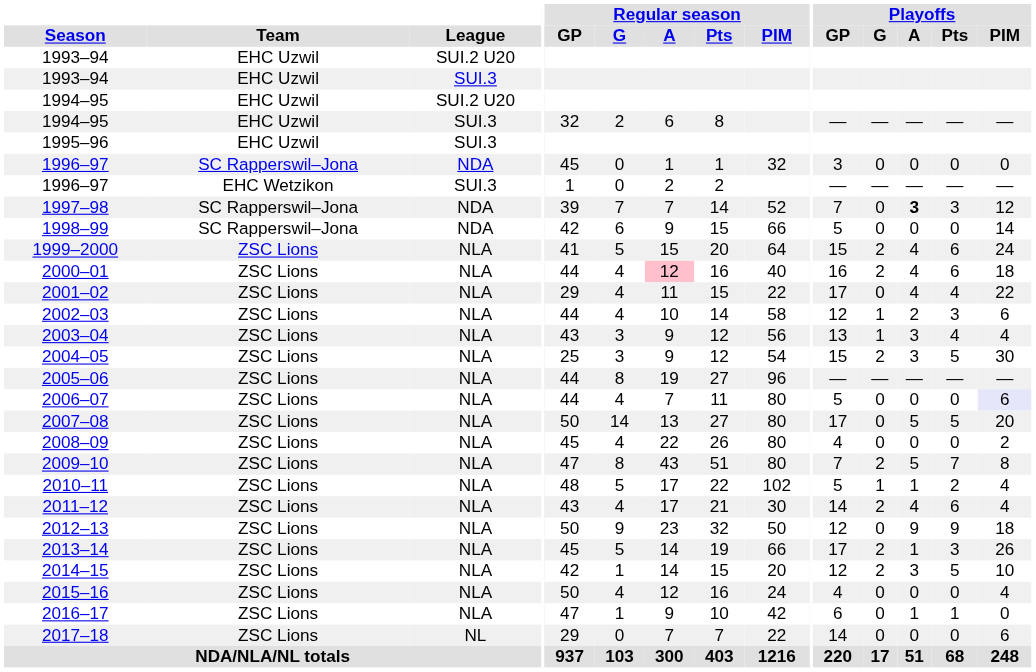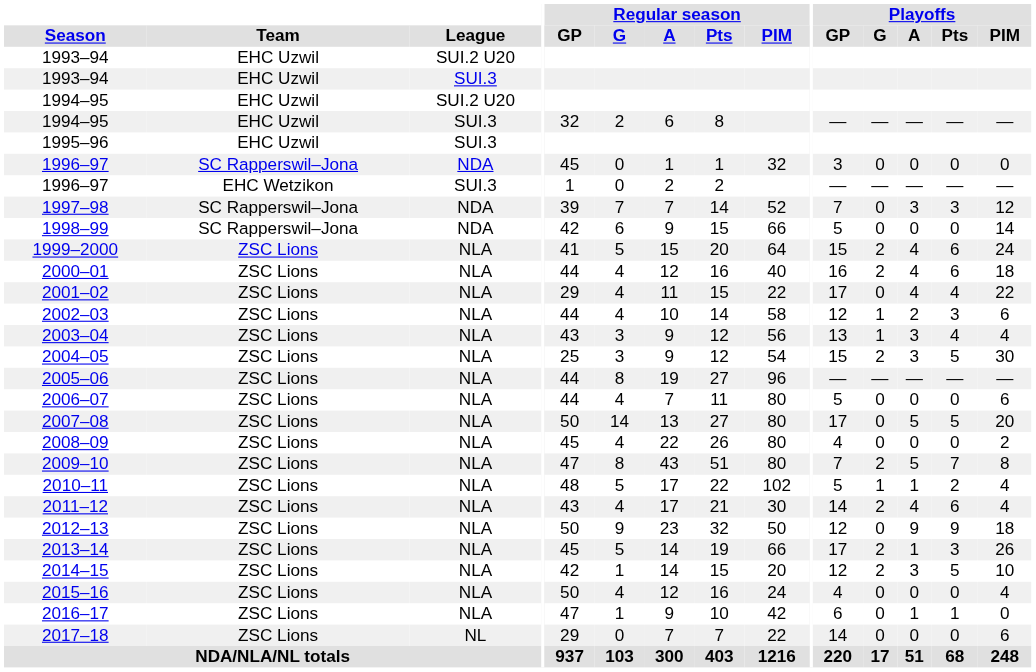 <table border="0" cellpadding="1" cellspacing="0" style="text-align:center; width:60em">
 <tr bgcolor="#e0e0e0">
 <th colspan="3" bgcolor="#ffffff"></th>
 <th rowspan="99" bgcolor="#ffffff"></th>
 <th colspan="5"><a href='#'>Regular season</a></th>
 <th rowspan="99" bgcolor="#ffffff"></th>
 <th colspan="5"><a href='#'>Playoffs</a></th>
 </tr>
 <tr bgcolor="#e0e0e0">
 <th><a href='#'>Season</a></th>
 <th>Team</th>
 <th>League</th>
 <th>GP</th>
 <th><a href='#'>G</a></th>
 <th><a href='#'>A</a></th>
 <th><a href='#'>Pts</a></th>
 <th><a href='#'>PIM</a></th>
 <th>GP</th>
 <th>G</th>
 <th>A</th>
 <th>Pts</th>
 <th>PIM</th>
 </tr>
 <tr>
 <td>1993–94</td>
 <td>EHC Uzwil</td>
 <td>SUI.2 U20</td>
 <td></td>
 <td></td>
 <td></td>
 <td></td>
 <td></td>
 <td></td>
 <td></td>
 <td></td>
 <td></td>
 <td></td>
 </tr>
 <tr bgcolor="#f0f0f0">
 <td>1993–94</td>
 <td>EHC Uzwil</td>
 <td><a href='#'>SUI.3</a></td>
 <td></td>
 <td></td>
 <td></td>
 <td></td>
 <td></td>
 <td></td>
 <td></td>
 <td></td>
 <td></td>
 <td></td>
 </tr>
 <tr>
 <td>1994–95</td>
 <td>EHC Uzwil</td>
 <td>SUI.2 U20</td>
 <td></td>
 <td></td>
 <td></td>
 <td></td>
 <td></td>
 <td></td>
 <td></td>
 <td></td>
 <td></td>
 <td></td>
 </tr>
 <tr bgcolor="#f0f0f0">
 <td>1994–95</td>
 <td>EHC Uzwil</td>
 <td>SUI.3</td>
 <td>32</td>
 <td>2</td>
 <td>6</td>
 <td>8</td>
 <td></td>
 <td>—</td>
 <td>—</td>
 <td>—</td>
 <td>—</td>
 <td>—</td>
 </tr>
 <tr>
 <td>1995–96</td>
 <td>EHC Uzwil</td>
 <td>SUI.3</td>
 <td></td>
 <td></td>
 <td></td>
 <td></td>
 <td></td>
 <td></td>
 <td></td>
 <td></td>
 <td></td>
 <td></td>
 </tr>
 <tr bgcolor="#f0f0f0">
 <td><a href='#'>1996–97</a></td>
 <td><a href='#'>SC Rapperswil–Jona</a></td>
 <td><a href='#'>NDA</a></td>
 <td>45</td>
 <td>0</td>
 <td>1</td>
 <td>1</td>
 <td>32</td>
 <td>3</td>
 <td>0</td>
 <td>0</td>
 <td>0</td>
 <td>0</td>
 </tr>
 <tr>
 <td>1996–97</td>
 <td>EHC Wetzikon</td>
 <td>SUI.3</td>
 <td>1</td>
 <td>0</td>
 <td>2</td>
 <td>2</td>
 <td></td>
 <td>—</td>
 <td>—</td>
 <td>—</td>
 <td>—</td>
 <td>—</td>
 </tr>
 <tr bgcolor="#f0f0f0">
 <td><a href='#'>1997–98</a></td>
 <td>SC Rapperswil–Jona</td>
 <td>NDA</td>
 <td>39</td>
 <td>7</td>
 <td>7</td>
 <td>14</td>
 <td>52</td>
 <td>7</td>
 <td>0</td>
-<td><strong>3</strong></td>
+<td>3</td>
 <td>3</td>
 <td>12</td>
 </tr>
 <tr>
 <td><a href='#'>1998–99</a></td>
 <td>SC Rapperswil–Jona</td>
 <td>NDA</td>
 <td>42</td>
 <td>6</td>
 <td>9</td>
 <td>15</td>
 <td>66</td>
 <td>5</td>
 <td>0</td>
 <td>0</td>
 <td>0</td>
 <td>14</td>
 </tr>
 <tr bgcolor="#f0f0f0">
 <td><a href='#'>1999–2000</a></td>
 <td><a href='#'>ZSC Lions</a></td>
 <td>NLA</td>
 <td>41</td>
 <td>5</td>
 <td>15</td>
 <td>20</td>
 <td>64</td>
 <td>15</td>
 <td>2</td>
 <td>4</td>
 <td>6</td>
 <td>24</td>
 </tr>
 <tr>
 <td><a href='#'>2000–01</a></td>
 <td>ZSC Lions</td>
 <td>NLA</td>
 <td>44</td>
 <td>4</td>
-<td style="background: pink;">12</td>
+<td>12</td>
 <td>16</td>
 <td>40</td>
 <td>16</td>
 <td>2</td>
 <td>4</td>
 <td>6</td>
 <td>18</td>
 </tr>
 <tr bgcolor="#f0f0f0">
 <td><a href='#'>2001–02</a></td>
 <td>ZSC Lions</td>
 <td>NLA</td>
 <td>29</td>
 <td>4</td>
 <td>11</td>
 <td>15</td>
 <td>22</td>
 <td>17</td>
 <td>0</td>
 <td>4</td>
 <td>4</td>
 <td>22</td>
 </tr>
 <tr>
 <td><a href='#'>2002–03</a></td>
 <td>ZSC Lions</td>
 <td>NLA</td>
 <td>44</td>
 <td>4</td>
 <td>10</td>
 <td>14</td>
 <td>58</td>
 <td>12</td>
 <td>1</td>
 <td>2</td>
 <td>3</td>
 <td>6</td>
 </tr>
 <tr bgcolor="#f0f0f0">
 <td><a href='#'>2003–04</a></td>
 <td>ZSC Lions</td>
 <td>NLA</td>
 <td>43</td>
 <td>3</td>
 <td>9</td>
 <td>12</td>
 <td>56</td>
 <td>13</td>
 <td>1</td>
 <td>3</td>
 <td>4</td>
 <td>4</td>
 </tr>
 <tr>
 <td><a href='#'>2004–05</a></td>
 <td>ZSC Lions</td>
 <td>NLA</td>
 <td>25</td>
 <td>3</td>
 <td>9</td>
 <td>12</td>
 <td>54</td>
 <td>15</td>
 <td>2</td>
 <td>3</td>
 <td>5</td>
 <td>30</td>
 </tr>
 <tr bgcolor="#f0f0f0">
 <td><a href='#'>2005–06</a></td>
 <td>ZSC Lions</td>
 <td>NLA</td>
 <td>44</td>
 <td>8</td>
 <td>19</td>
 <td>27</td>
 <td>96</td>
 <td>—</td>
 <td>—</td>
 <td>—</td>
 <td>—</td>
 <td>—</td>
 </tr>
 <tr>
 <td><a href='#'>2006–07</a></td>
 <td>ZSC Lions</td>
 <td>NLA</td>
 <td>44</td>
 <td>4</td>
 <td>7</td>
 <td>11</td>
 <td>80</td>
 <td>5</td>
 <td>0</td>
 <td>0</td>
 <td>0</td>
-<td style="background: lavender;">6</td>
+<td>6</td>
 </tr>
 <tr bgcolor="#f0f0f0">
 <td><a href='#'>2007–08</a></td>
 <td>ZSC Lions</td>
 <td>NLA</td>
 <td>50</td>
 <td>14</td>
 <td>13</td>
 <td>27</td>
 <td>80</td>
 <td>17</td>
 <td>0</td>
 <td>5</td>
 <td>5</td>
 <td>20</td>
 </tr>
 <tr>
 <td><a href='#'>2008–09</a></td>
 <td>ZSC Lions</td>
 <td>NLA</td>
 <td>45</td>
 <td>4</td>
 <td>22</td>
 <td>26</td>
 <td>80</td>
 <td>4</td>
 <td>0</td>
 <td>0</td>
 <td>0</td>
 <td>2</td>
 </tr>
 <tr bgcolor="#f0f0f0">
 <td><a href='#'>2009–10</a></td>
 <td>ZSC Lions</td>
 <td>NLA</td>
 <td>47</td>
 <td>8</td>
 <td>43</td>
 <td>51</td>
 <td>80</td>
 <td>7</td>
 <td>2</td>
 <td>5</td>
 <td>7</td>
 <td>8</td>
 </tr>
 <tr>
 <td><a href='#'>2010–11</a></td>
 <td>ZSC Lions</td>
 <td>NLA</td>
 <td>48</td>
 <td>5</td>
 <td>17</td>
 <td>22</td>
 <td>102</td>
 <td>5</td>
 <td>1</td>
 <td>1</td>
 <td>2</td>
 <td>4</td>
 </tr>
 <tr bgcolor="#f0f0f0">
 <td><a href='#'>2011–12</a></td>
 <td>ZSC Lions</td>
 <td>NLA</td>
 <td>43</td>
 <td>4</td>
 <td>17</td>
 <td>21</td>
 <td>30</td>
 <td>14</td>
 <td>2</td>
 <td>4</td>
 <td>6</td>
 <td>4</td>
 </tr>
 <tr>
 <td><a href='#'>2012–13</a></td>
 <td>ZSC Lions</td>
 <td>NLA</td>
 <td>50</td>
 <td>9</td>
 <td>23</td>
 <td>32</td>
 <td>50</td>
 <td>12</td>
 <td>0</td>
 <td>9</td>
 <td>9</td>
 <td>18</td>
 </tr>
 <tr bgcolor="#f0f0f0">
 <td><a href='#'>2013–14</a></td>
 <td>ZSC Lions</td>
 <td>NLA</td>
 <td>45</td>
 <td>5</td>
 <td>14</td>
 <td>19</td>
 <td>66</td>
 <td>17</td>
 <td>2</td>
 <td>1</td>
 <td>3</td>
 <td>26</td>
 </tr>
 <tr>
 <td><a href='#'>2014–15</a></td>
 <td>ZSC Lions</td>
 <td>NLA</td>
 <td>42</td>
 <td>1</td>
 <td>14</td>
 <td>15</td>
 <td>20</td>
 <td>12</td>
 <td>2</td>
 <td>3</td>
 <td>5</td>
 <td>10</td>
 </tr>
 <tr bgcolor="#f0f0f0">
 <td><a href='#'>2015–16</a></td>
 <td>ZSC Lions</td>
 <td>NLA</td>
 <td>50</td>
 <td>4</td>
 <td>12</td>
 <td>16</td>
 <td>24</td>
 <td>4</td>
 <td>0</td>
 <td>0</td>
 <td>0</td>
 <td>4</td>
 </tr>
 <tr>
 <td><a href='#'>2016–17</a></td>
 <td>ZSC Lions</td>
 <td>NLA</td>
 <td>47</td>
 <td>1</td>
 <td>9</td>
 <td>10</td>
 <td>42</td>
 <td>6</td>
 <td>0</td>
 <td>1</td>
 <td>1</td>
 <td>0</td>
 </tr>
 <tr bgcolor="#f0f0f0">
 <td><a href='#'>2017–18</a></td>
 <td>ZSC Lions</td>
 <td>NL</td>
 <td>29</td>
 <td>0</td>
 <td>7</td>
 <td>7</td>
 <td>22</td>
 <td>14</td>
 <td>0</td>
 <td>0</td>
 <td>0</td>
 <td>6</td>
 </tr>
 <tr bgcolor="#e0e0e0">
 <th colspan="3">NDA/NLA/NL totals</th>
 <th>937</th>
 <th>103</th>
 <th>300</th>
 <th>403</th>
 <th>1216</th>
 <th>220</th>
 <th>17</th>
 <th>51</th>
 <th>68</th>
 <th>248</th>
 </tr>
 </table>
